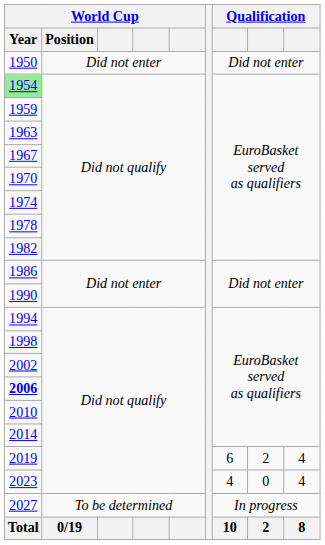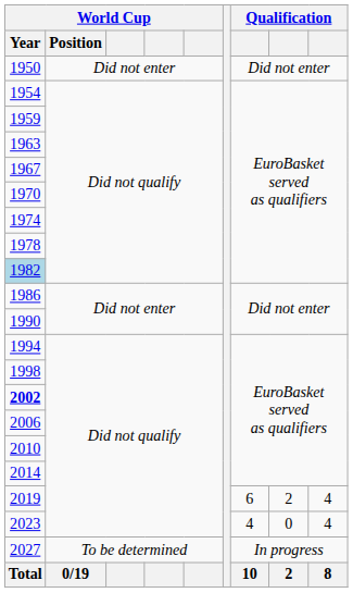 <table class="wikitable" style="text-align: center;font-size:90%;">
 <tr>
 <th colspan=5><a href='#'>World Cup</a></th>
 <th rowspan=23></th>
 <th colspan=3><a href='#'>Qualification</a></th>
 </tr>
 <tr>
 <th>Year</th>
 <th>Position</th>
 <th width=30></th>
 <th width=30></th>
 <th width=30></th>
 <th width=30></th>
 <th width=30></th>
 <th width=30></th>
 </tr>
 <tr>
 <td> <a href='#'>1950</a></td>
 <td colspan=4><em>Did not enter</em></td>
 <td colspan=3><em>Did not enter</em></td>
 </tr>
 <tr>
-<td style="background: lightgreen;"> <a href='#'>1954</a></td>
+<td> <a href='#'>1954</a></td>
 <td colspan=4 rowspan=8><em>Did not qualify</em></td>
 <td colspan=3 rowspan=8><em>EuroBasket served<br>as qualifiers</em></td>
 </tr>
 <tr>
 <td> <a href='#'>1959</a></td>
 </tr>
 <tr>
 <td> <a href='#'>1963</a></td>
 </tr>
 <tr>
 <td> <a href='#'>1967</a></td>
 </tr>
 <tr>
 <td> <a href='#'>1970</a></td>
 </tr>
 <tr>
 <td> <a href='#'>1974</a></td>
 </tr>
 <tr>
 <td> <a href='#'>1978</a></td>
 </tr>
 <tr>
-<td> <a href='#'>1982</a></td>
+<td style="background: lightblue;"> <a href='#'>1982</a></td>
 </tr>
 <tr>
 <td> <a href='#'>1986</a></td>
 <td colspan=4 rowspan=2><em>Did not enter</em></td>
 <td colspan=3 rowspan=2><em>Did not enter</em></td>
 </tr>
 <tr>
 <td> <a href='#'>1990</a></td>
 </tr>
 <tr>
 <td> <a href='#'>1994</a></td>
 <td colspan=4 rowspan=8><em>Did not qualify</em></td>
 <td colspan=3 rowspan=6><em>EuroBasket served<br>as qualifiers</em></td>
 </tr>
 <tr>
 <td> <a href='#'>1998</a></td>
 </tr>
 <tr>
-<td> <a href='#'>2002</a></td>
+<td><strong> <a href='#'>2002</a></strong></td>
 </tr>
 <tr>
-<td><strong> <a href='#'>2006</a></strong></td>
+<td> <a href='#'>2006</a></td>
 </tr>
 <tr>
 <td> <a href='#'>2010</a></td>
 </tr>
 <tr>
 <td> <a href='#'>2014</a></td>
 </tr>
 <tr>
 <td> <a href='#'>2019</a></td>
 <td>6</td>
 <td>2</td>
 <td>4</td>
 </tr>
 <tr>
 <td> <a href='#'>2023</a></td>
 <td>4</td>
 <td>0</td>
 <td>4</td>
 </tr>
 <tr>
 <td> <a href='#'>2027</a></td>
 <td colspan=4><em>To be determined</em></td>
 <td colspan=3><em>In progress</em></td>
 </tr>
 <tr>
 <th>Total</th>
 <th>0/19</th>
 <th></th>
 <th></th>
 <th></th>
 <th>10</th>
 <th>2</th>
 <th>8</th>
 </tr>
 </table>
